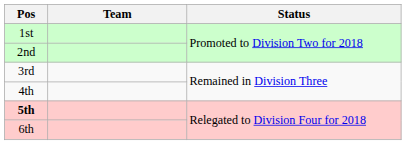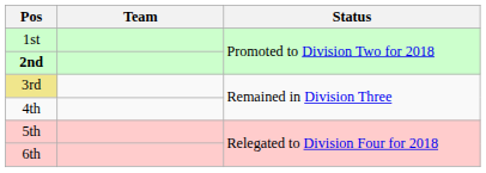 <table class="wikitable">
 <tr>
 <th width=50>Pos</th>
 <th width=175>Team</th>
 <th width=275>Status</th>
 </tr>
 <tr style="background:#cfc">
 <td align="center">1st</td>
 <td></td>
 <td rowspan=2>Promoted to <a href='#'>Division Two for 2018</a></td>
 </tr>
 <tr style="background:#cfc">
-<td align="center">2nd</td>
+<td align="center"><strong>2nd</strong></td>
 <td></td>
 </tr>
 <tr>
-<td align="center">3rd</td>
+<td align="center" style="background: khaki;">3rd</td>
 <td></td>
 <td rowspan=2>Remained in <a href='#'>Division Three</a></td>
 </tr>
 <tr>
 <td align="center">4th</td>
 <td></td>
 </tr>
 <tr style="background:#fcc">
-<td align="center"><strong>5th</strong></td>
+<td align="center">5th</td>
 <td></td>
 <td rowspan=2>Relegated to <a href='#'>Division Four for 2018</a></td>
 </tr>
 <tr style="background:#fcc">
 <td align="center">6th</td>
 <td></td>
 </tr>
 </table>
